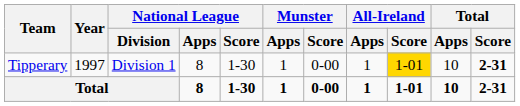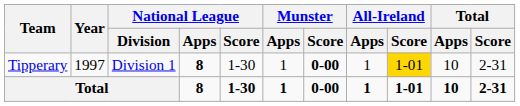 <table class="wikitable" style="text-align:center">
 <tr>
 <th rowspan="2">Team</th>
 <th rowspan="2">Year</th>
 <th colspan="3"><a href='#'>National League</a></th>
 <th colspan="2"><a href='#'>Munster</a></th>
 <th colspan="2"><a href='#'>All-Ireland</a></th>
 <th colspan="2">Total</th>
 </tr>
 <tr>
 <th>Division</th>
 <th>Apps</th>
 <th>Score</th>
 <th>Apps</th>
 <th>Score</th>
 <th>Apps</th>
 <th>Score</th>
 <th>Apps</th>
 <th>Score</th>
 </tr>
 <tr>
 <td rowspan="1"><a href='#'>Tipperary</a></td>
 <td>1997</td>
 <td rowspan="1"><a href='#'>Division 1</a></td>
-<td>8</td>
+<td><strong>8</strong></td>
 <td>1-30</td>
 <td>1</td>
-<td>0-00</td>
+<td><strong>0-00</strong></td>
 <td>1</td>
 <td style="background: gold;">1-01</td>
 <td>10</td>
-<td><strong>2-31</strong></td>
+<td>2-31</td>
 </tr>
 <tr>
 <th colspan="3">Total</th>
 <td><strong>8</strong></td>
 <td><strong>1-30</strong></td>
 <td><strong>1</strong></td>
 <td><strong>0-00</strong></td>
 <td><strong>1</strong></td>
 <td><strong>1-01</strong></td>
 <td><strong>10</strong></td>
 <td><strong>2-31</strong></td>
 </tr>
 </table>
